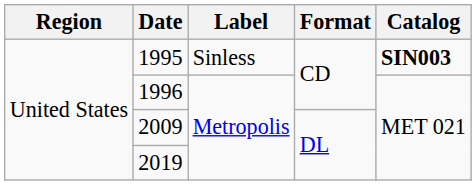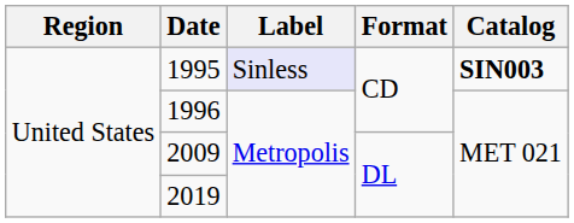 <table class="wikitable">
 <tr>
 <th>Region</th>
 <th>Date</th>
 <th>Label</th>
 <th>Format</th>
 <th>Catalog</th>
 </tr>
 <tr>
 <td rowspan="4">United States</td>
 <td>1995</td>
-<td>Sinless</td>
+<td style="background: lavender;">Sinless</td>
 <td rowspan="2">CD</td>
 <td><strong>SIN003</strong></td>
 </tr>
 <tr>
 <td>1996</td>
 <td rowspan="3"><a href='#'>Metropolis</a></td>
 <td rowspan="3">MET 021</td>
 </tr>
 <tr>
 <td>2009</td>
 <td rowspan="2"><a href='#'>DL</a></td>
 </tr>
 <tr>
 <td>2019</td>
 </tr>
 </table>
